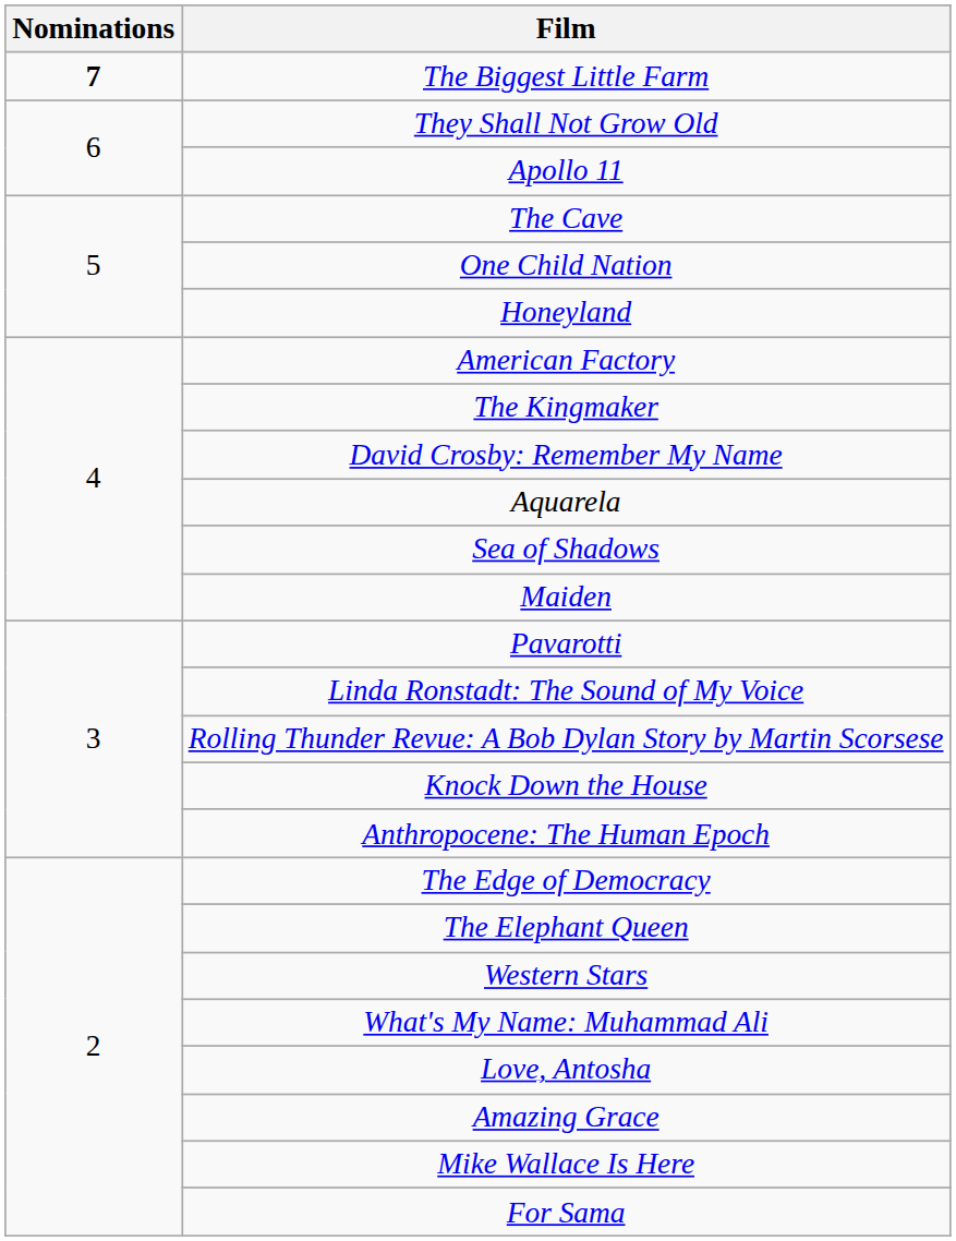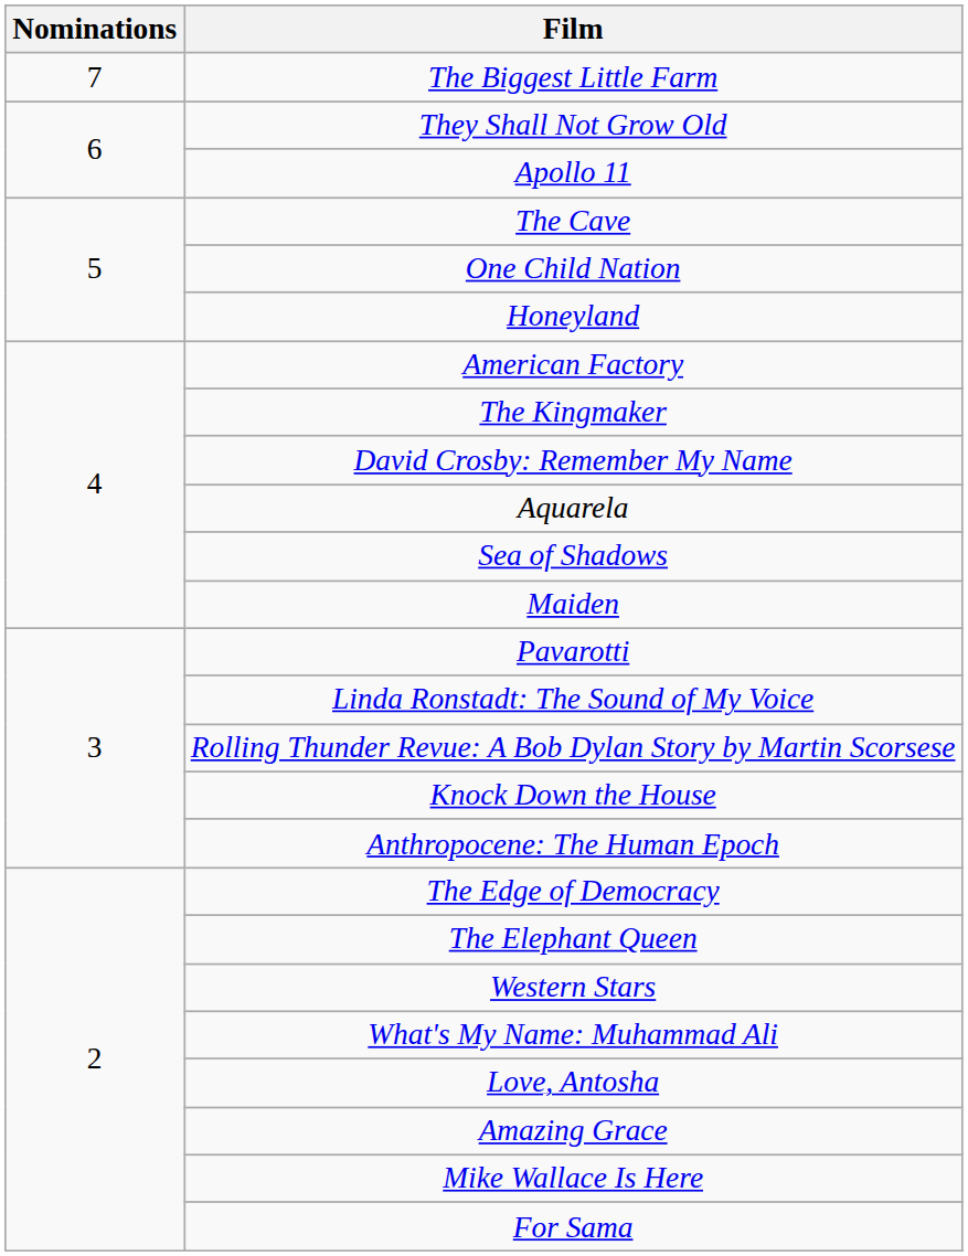 <table class="wikitable" rowspan="2" style="text-align:center;" background: #f6e39c;>
 <tr>
 <th scope="col" style="width:55px;">Nominations</th>
 <th scope="col" style="text-align:center;">Film</th>
 </tr>
 <tr>
-<td rowspan=1 style="text-align:center"><strong>7</strong></td>
+<td rowspan=1 style="text-align:center">7</td>
 <td><em><a href='#'>The Biggest Little Farm</a></em></td>
 </tr>
 <tr>
 <td rowspan=2 style="text-align:center">6</td>
 <td><em><a href='#'>They Shall Not Grow Old</a></em></td>
 </tr>
 <tr>
 <td><em><a href='#'>Apollo 11</a></em></td>
 </tr>
 <tr>
 <td rowspan=3 style="text-align:center">5</td>
 <td><em><a href='#'>The Cave</a></em></td>
 </tr>
 <tr>
 <td><em><a href='#'>One Child Nation</a></em></td>
 </tr>
 <tr>
 <td><em><a href='#'>Honeyland</a></em></td>
 </tr>
 <tr>
 <td rowspan=6 style="text-align:center">4</td>
 <td><em><a href='#'>American Factory</a></em></td>
 </tr>
 <tr>
 <td><em><a href='#'>The Kingmaker</a></em></td>
 </tr>
 <tr>
 <td><em><a href='#'>David Crosby: Remember My Name</a></em></td>
 </tr>
 <tr>
 <td><em>Aquarela</em></td>
 </tr>
 <tr>
 <td><em><a href='#'>Sea of Shadows</a></em></td>
 </tr>
 <tr>
 <td><em><a href='#'>Maiden</a></em></td>
 </tr>
 <tr>
 <td rowspan=5 style="text-align:center">3</td>
 <td><em><a href='#'>Pavarotti</a></em></td>
 </tr>
 <tr>
 <td><em><a href='#'>Linda Ronstadt: The Sound of My Voice</a></em></td>
 </tr>
 <tr>
 <td><em><a href='#'>Rolling Thunder Revue: A Bob Dylan Story by Martin Scorsese</a></em></td>
 </tr>
 <tr>
 <td><em><a href='#'>Knock Down the House</a></em></td>
 </tr>
 <tr>
 <td><em><a href='#'>Anthropocene: The Human Epoch</a></em></td>
 </tr>
 <tr>
 <td rowspan=8 style="text-align:center">2</td>
 <td><em><a href='#'>The Edge of Democracy</a></em></td>
 </tr>
 <tr>
 <td><em><a href='#'>The Elephant Queen</a></em></td>
 </tr>
 <tr>
 <td><em><a href='#'>Western Stars</a></em></td>
 </tr>
 <tr>
 <td><em><a href='#'>What's My Name: Muhammad Ali</a></em></td>
 </tr>
 <tr>
 <td><em><a href='#'>Love, Antosha</a></em></td>
 </tr>
 <tr>
 <td><em><a href='#'>Amazing Grace</a></em></td>
 </tr>
 <tr>
 <td><em><a href='#'>Mike Wallace Is Here</a></em></td>
 </tr>
 <tr>
 <td><em><a href='#'>For Sama</a></em></td>
 </tr>
 <tr>
 </tr>
 </table>
